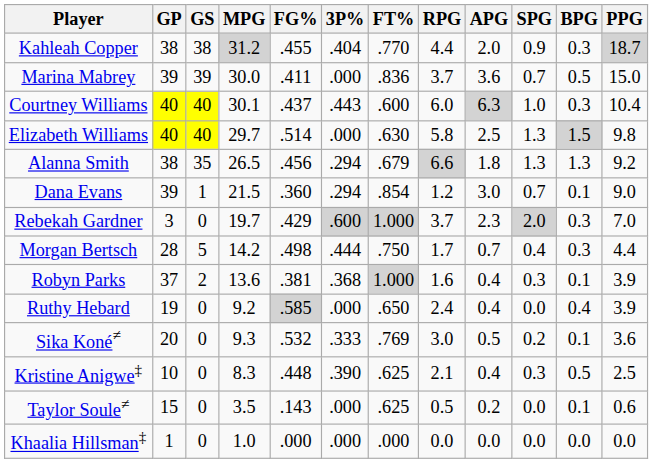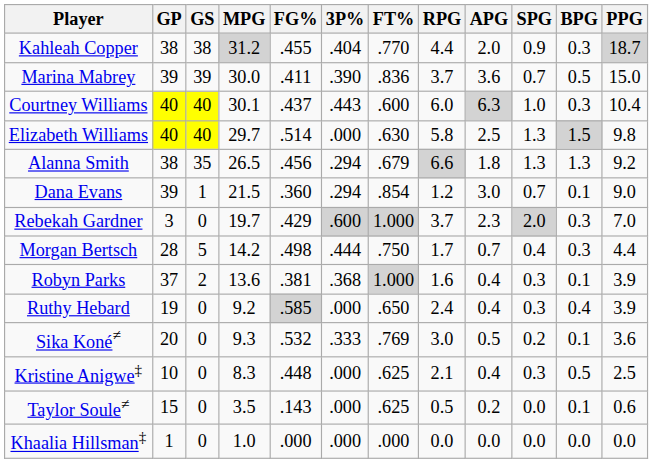 <table class="wikitable sortable" style="text-align:center;">
 <tr>
 <th>Player</th>
 <th>GP</th>
 <th>GS</th>
 <th>MPG</th>
 <th>FG%</th>
 <th>3P%</th>
 <th>FT%</th>
 <th>RPG</th>
 <th>APG</th>
 <th>SPG</th>
 <th>BPG</th>
 <th>PPG</th>
 </tr>
 <tr>
 <td><a href='#'>Kahleah Copper</a></td>
 <td>38</td>
 <td>38</td>
 <td style="background:#D3D3D3;">31.2</td>
 <td>.455</td>
 <td>.404</td>
 <td>.770</td>
 <td>4.4</td>
 <td>2.0</td>
 <td>0.9</td>
 <td>0.3</td>
 <td style="background:#D3D3D3;">18.7</td>
 </tr>
 <tr>
 <td><a href='#'>Marina Mabrey</a></td>
 <td>39</td>
 <td>39</td>
 <td>30.0</td>
 <td>.411</td>
-<td>.000</td>
+<td>.390</td>
 <td>.836</td>
 <td>3.7</td>
 <td>3.6</td>
 <td>0.7</td>
 <td>0.5</td>
 <td>15.0</td>
 </tr>
 <tr>
 <td><a href='#'>Courtney Williams</a></td>
 <td style="background:yellow;">40</td>
 <td style="background:yellow;">40</td>
 <td>30.1</td>
 <td>.437</td>
 <td>.443</td>
 <td>.600</td>
 <td>6.0</td>
 <td style="background:#D3D3D3;">6.3</td>
 <td>1.0</td>
 <td>0.3</td>
 <td>10.4</td>
 </tr>
 <tr>
 <td><a href='#'>Elizabeth Williams</a></td>
 <td style="background:yellow;">40</td>
 <td style="background:yellow;">40</td>
 <td>29.7</td>
 <td>.514</td>
 <td>.000</td>
 <td>.630</td>
 <td>5.8</td>
 <td>2.5</td>
 <td>1.3</td>
 <td style="background:#D3D3D3;">1.5</td>
 <td>9.8</td>
 </tr>
 <tr>
 <td><a href='#'>Alanna Smith</a></td>
 <td>38</td>
 <td>35</td>
 <td>26.5</td>
 <td>.456</td>
 <td>.294</td>
 <td>.679</td>
 <td style="background:#D3D3D3;">6.6</td>
 <td>1.8</td>
 <td>1.3</td>
 <td>1.3</td>
 <td>9.2</td>
 </tr>
 <tr>
 <td><a href='#'>Dana Evans</a></td>
 <td>39</td>
 <td>1</td>
 <td>21.5</td>
 <td>.360</td>
 <td>.294</td>
 <td>.854</td>
 <td>1.2</td>
 <td>3.0</td>
 <td>0.7</td>
 <td>0.1</td>
 <td>9.0</td>
 </tr>
 <tr>
 <td><a href='#'>Rebekah Gardner</a></td>
 <td>3</td>
 <td>0</td>
 <td>19.7</td>
 <td>.429</td>
 <td style="background:#D3D3D3;">.600</td>
 <td style="background:#D3D3D3;">1.000</td>
 <td>3.7</td>
 <td>2.3</td>
 <td style="background:#D3D3D3;">2.0</td>
 <td>0.3</td>
 <td>7.0</td>
 </tr>
 <tr>
 <td><a href='#'>Morgan Bertsch</a></td>
 <td>28</td>
 <td>5</td>
 <td>14.2</td>
 <td>.498</td>
 <td>.444</td>
 <td>.750</td>
 <td>1.7</td>
 <td>0.7</td>
 <td>0.4</td>
 <td>0.3</td>
 <td>4.4</td>
 </tr>
 <tr>
 <td><a href='#'>Robyn Parks</a></td>
 <td>37</td>
 <td>2</td>
 <td>13.6</td>
 <td>.381</td>
 <td>.368</td>
 <td style="background:#D3D3D3;">1.000</td>
 <td>1.6</td>
 <td>0.4</td>
 <td>0.3</td>
 <td>0.1</td>
 <td>3.9</td>
 </tr>
 <tr>
 <td><a href='#'>Ruthy Hebard</a></td>
 <td>19</td>
 <td>0</td>
 <td>9.2</td>
 <td style="background:#D3D3D3;">.585</td>
 <td>.000</td>
 <td>.650</td>
 <td>2.4</td>
 <td>0.4</td>
-<td>0.0</td>
+<td>0.3</td>
 <td>0.4</td>
 <td>3.9</td>
 </tr>
 <tr>
 <td><a href='#'>Sika Koné</a><sup>≠</sup></td>
 <td>20</td>
 <td>0</td>
 <td>9.3</td>
 <td>.532</td>
 <td>.333</td>
 <td>.769</td>
 <td>3.0</td>
 <td>0.5</td>
 <td>0.2</td>
 <td>0.1</td>
 <td>3.6</td>
 </tr>
 <tr>
 <td><a href='#'>Kristine Anigwe</a><sup>‡</sup></td>
 <td>10</td>
 <td>0</td>
 <td>8.3</td>
 <td>.448</td>
-<td>.390</td>
+<td>.000</td>
 <td>.625</td>
 <td>2.1</td>
 <td>0.4</td>
 <td>0.3</td>
 <td>0.5</td>
 <td>2.5</td>
 </tr>
 <tr>
 <td><a href='#'>Taylor Soule</a><sup>≠</sup></td>
 <td>15</td>
 <td>0</td>
 <td>3.5</td>
 <td>.143</td>
 <td>.000</td>
 <td>.625</td>
 <td>0.5</td>
 <td>0.2</td>
 <td>0.0</td>
 <td>0.1</td>
 <td>0.6</td>
 </tr>
 <tr>
 <td><a href='#'>Khaalia Hillsman</a><sup>‡</sup></td>
 <td>1</td>
 <td>0</td>
 <td>1.0</td>
 <td>.000</td>
 <td>.000</td>
 <td>.000</td>
 <td>0.0</td>
 <td>0.0</td>
 <td>0.0</td>
 <td>0.0</td>
 <td>0.0</td>
 </tr>
 </table>
